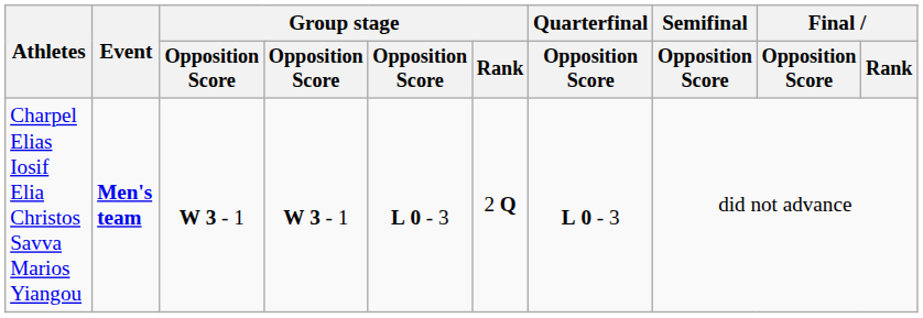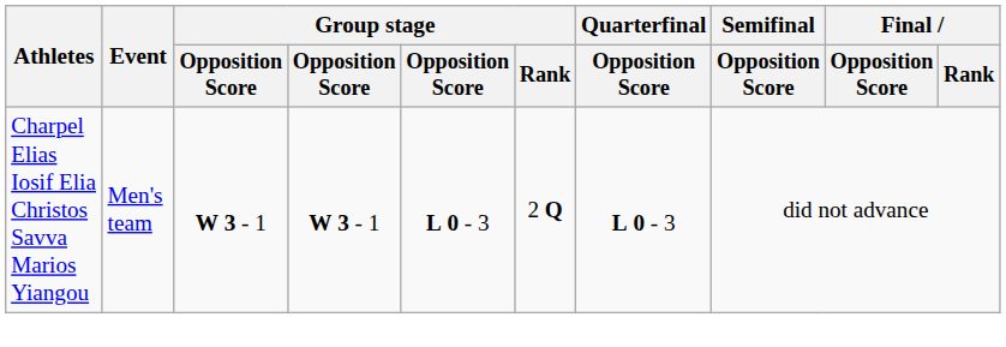 <table class=wikitable style=font-size:88%;text-align:center>
 <tr>
 <th rowspan=2>Athletes</th>
 <th rowspan=2>Event</th>
 <th colspan=4>Group stage</th>
 <th>Quarterfinal</th>
 <th>Semifinal</th>
 <th colspan=2>Final / </th>
 </tr>
 <tr style=font-size:95%>
 <th>Opposition<br>Score</th>
 <th>Opposition<br>Score</th>
 <th>Opposition<br>Score</th>
 <th>Rank</th>
 <th>Opposition<br>Score</th>
 <th>Opposition<br>Score</th>
 <th>Opposition<br>Score</th>
 <th>Rank</th>
 </tr>
 <tr>
 <td align=left><a href='#'>Charpel Elias</a><br><a href='#'>Iosif Elia</a><br><a href='#'>Christos Savva</a><br><a href='#'>Marios Yiangou</a></td>
-<td align=left><strong><a href='#'>Men's team</a></strong></td>
+<td align=left><a href='#'>Men's team</a></td>
 <td><br><strong>W</strong> <strong>3</strong> - 1</td>
 <td><br><strong>W</strong> <strong>3</strong> - 1</td>
 <td><br><strong>L</strong> <strong>0</strong> - 3</td>
 <td>2 <strong>Q</strong></td>
 <td><br><strong>L</strong> <strong>0</strong> - 3</td>
 <td colspan=3>did not advance</td>
 </tr>
 </table>
